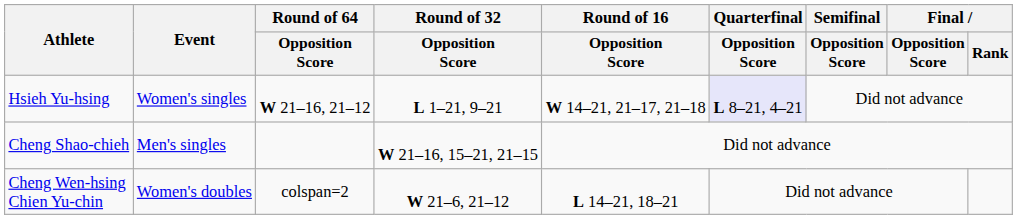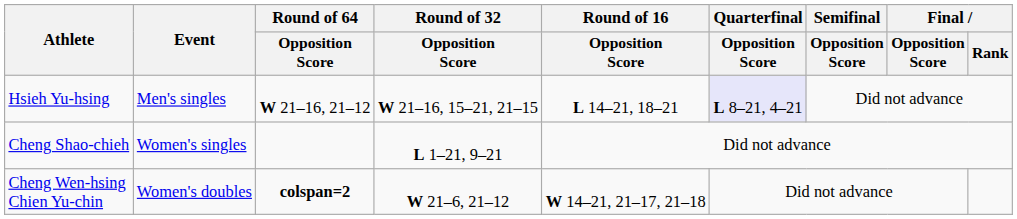 <table class=wikitable style="font-size:90%">
 <tr>
 <th rowspan="2">Athlete</th>
 <th rowspan="2">Event</th>
 <th>Round of 64</th>
 <th>Round of 32</th>
 <th>Round of 16</th>
 <th>Quarterfinal</th>
 <th>Semifinal</th>
 <th colspan=2>Final / </th>
 </tr>
 <tr style="font-size:95%">
 <th>Opposition<br>Score</th>
 <th>Opposition<br>Score</th>
 <th>Opposition<br>Score</th>
 <th>Opposition<br>Score</th>
 <th>Opposition<br>Score</th>
 <th>Opposition<br>Score</th>
 <th>Rank</th>
 </tr>
 <tr align=center>
 <td align=left><a href='#'>Hsieh Yu-hsing</a></td>
-<td align=left><a href='#'>Women's singles</a></td>
+<td align=left><a href='#'>Men's singles</a></td>
 <td> <br> <strong>W</strong> 21–16, 21–12</td>
-<td> <br><strong>L</strong> 1–21, 9–21</td>
-<td> <br> <strong>W</strong> 14–21, 21–17, 21–18</td>
+<td> <br> <strong>W</strong> 21–16, 15–21, 21–15</td>
+<td> <br> <strong>L</strong> 14–21, 18–21</td>
 <td style="background: lavender;"> <br> <strong>L</strong> 8–21, 4–21</td>
 <td colspan=3>Did not advance</td>
 </tr>
 <tr align=center>
 <td align=left><a href='#'>Cheng Shao-chieh</a></td>
-<td align=left><a href='#'>Men's singles</a></td>
+<td align=left><a href='#'>Women's singles</a></td>
 <td></td>
-<td> <br> <strong>W</strong> 21–16, 15–21, 21–15</td>
+<td> <br><strong>L</strong> 1–21, 9–21</td>
 <td colspan=5>Did not advance</td>
 </tr>
 <tr align=center>
 <td align=left><a href='#'>Cheng Wen-hsing</a><br><a href='#'>Chien Yu-chin</a></td>
 <td><a href='#'>Women's doubles</a></td>
-<td>colspan=2 </td>
+<td><strong>colspan=2 </strong></td>
 <td><br> <strong>W</strong> 21–6, 21–12</td>
-<td> <br> <strong>L</strong> 14–21, 18–21</td>
+<td> <br> <strong>W</strong> 14–21, 21–17, 21–18</td>
 <td colspan=3>Did not advance</td>
 </tr>
 </table>
